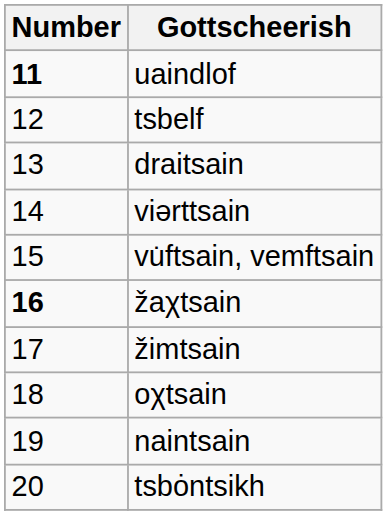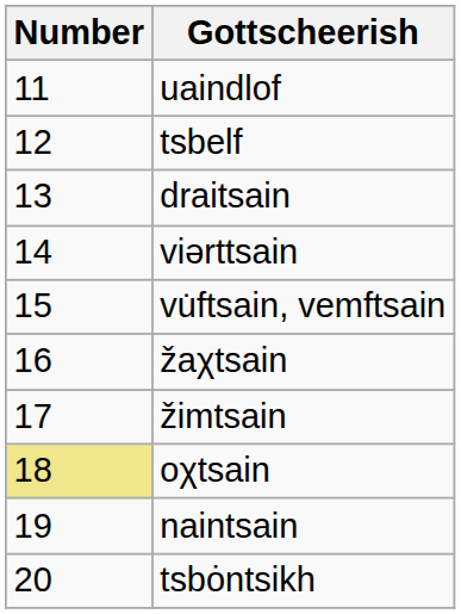 <table class="wikitable">
 <tr>
 <th>Number</th>
 <th>Gottscheerish</th>
 </tr>
 <tr>
-<td><strong>11</strong></td>
+<td>11</td>
 <td>uaindlof</td>
 </tr>
 <tr>
 <td>12</td>
 <td>tsbelf</td>
 </tr>
 <tr>
 <td>13</td>
 <td>draitsain</td>
 </tr>
 <tr>
 <td>14</td>
 <td>viərttsain</td>
 </tr>
 <tr>
 <td>15</td>
 <td>vu̇ftsain, vemftsain</td>
 </tr>
 <tr>
-<td><strong>16</strong></td>
+<td>16</td>
 <td>žaχtsain</td>
 </tr>
 <tr>
 <td>17</td>
 <td>žimtsain</td>
 </tr>
 <tr>
-<td>18</td>
+<td style="background: khaki;">18</td>
 <td>oχtsain</td>
 </tr>
 <tr>
 <td>19</td>
 <td>naintsain</td>
 </tr>
 <tr>
 <td>20</td>
 <td>tsbȯntsikh</td>
 </tr>
 </table>
